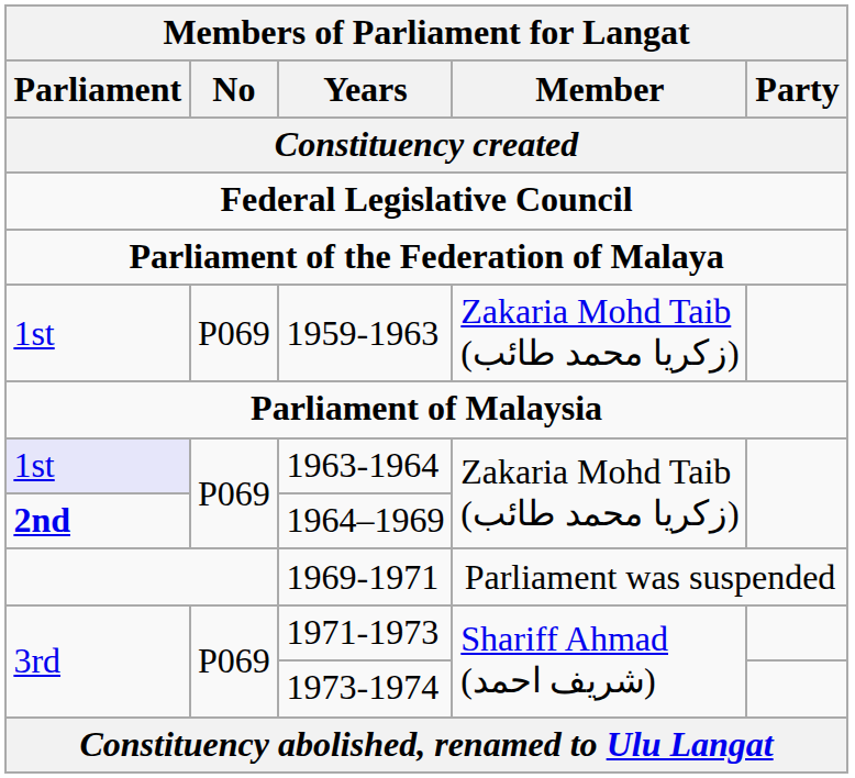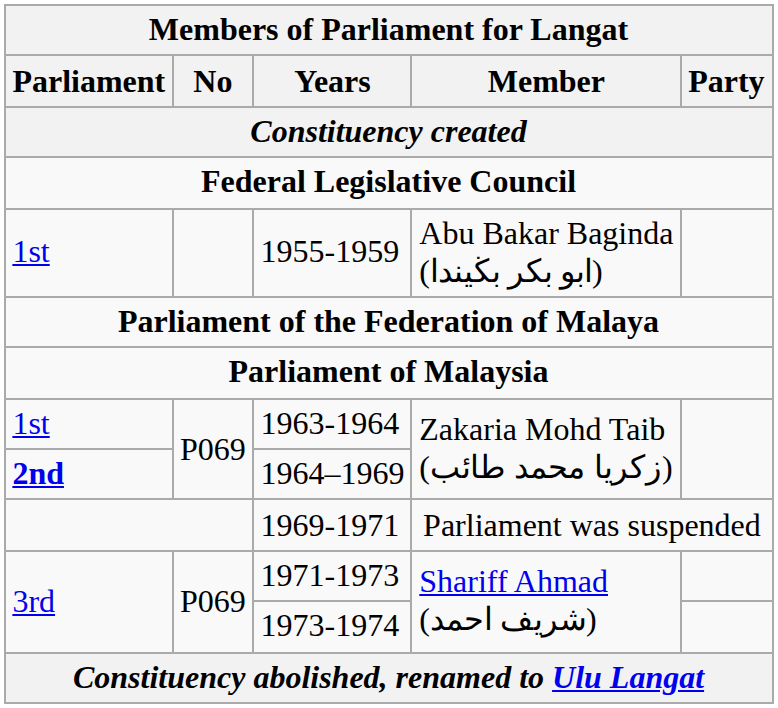 <table class=wikitable>
 <tr>
 <th colspan="5">Members of Parliament for Langat</th>
 </tr>
 <tr>
 <th>Parliament</th>
 <th>No</th>
 <th>Years</th>
 <th>Member</th>
 <th>Party</th>
 </tr>
 <tr>
 <th colspan="5" align="center"><em>Constituency created</em></th>
 </tr>
 <tr>
 <td colspan="5" align="center"><strong>Federal Legislative Council</strong></td>
 </tr>
 <tr>
-<td colspan="5" align="center"><strong>Parliament of the Federation of Malaya</strong></td>
+<td><a href='#'>1st</a></td>
+<td></td>
+<td>1955-1959</td>
+<td>Abu Bakar Baginda <br> (ابو بكر بڬيندا)</td>
+<td></td>
 </tr>
 <tr>
-<td><a href='#'>1st</a></td>
-<td>P069</td>
-<td>1959-1963</td>
-<td><a href='#'>Zakaria Mohd Taib</a> <br> (زكريا محمد طائب)</td>
-<td></td>
+<td colspan="5" align="center"><strong>Parliament of the Federation of Malaya</strong></td>
 </tr>
 <tr>
 <td colspan="5" align="center"><strong>Parliament of Malaysia</strong></td>
 </tr>
 <tr>
-<td style="background: lavender;"><a href='#'>1st</a></td>
+<td><a href='#'>1st</a></td>
 <td rowspan="2">P069</td>
 <td>1963-1964</td>
 <td rowspan=2>Zakaria Mohd Taib <br> (زكريا محمد طائب)</td>
 <td rowspan=2></td>
 </tr>
 <tr>
 <td><strong><a href='#'>2nd</a></strong></td>
 <td>1964–1969</td>
 </tr>
 <tr>
 <td colspan="2"></td>
 <td>1969-1971</td>
 <td colspan=2 align=center>Parliament was suspended</td>
 </tr>
 <tr>
 <td rowspan=2><a href='#'>3rd</a></td>
 <td rowspan="2">P069</td>
 <td>1971-1973</td>
 <td rowspan=2><a href='#'>Shariff Ahmad</a>  <br>(شريف احمد)</td>
 <td></td>
 </tr>
 <tr>
 <td>1973-1974</td>
 <td></td>
 </tr>
 <tr>
 <th colspan="5" align="center"><em>Constituency abolished, renamed to <a href='#'>Ulu Langat</a></em></th>
 </tr>
 </table>
